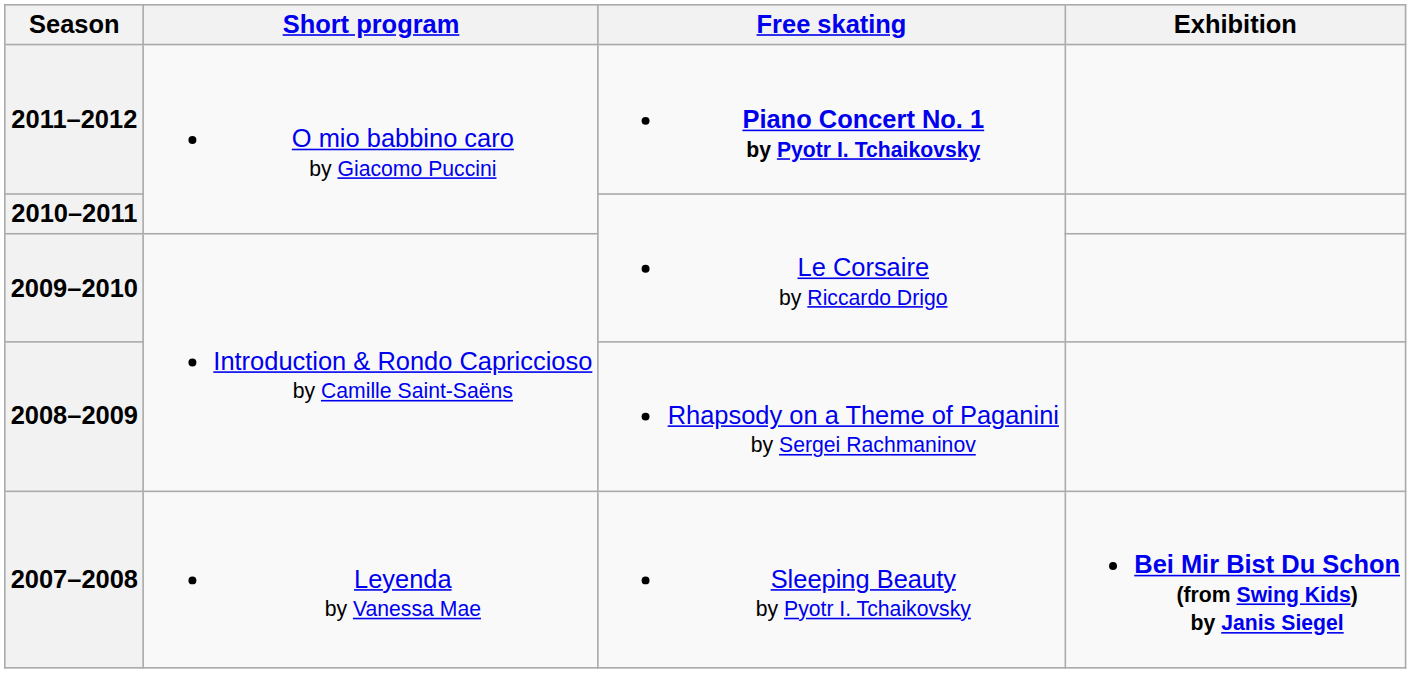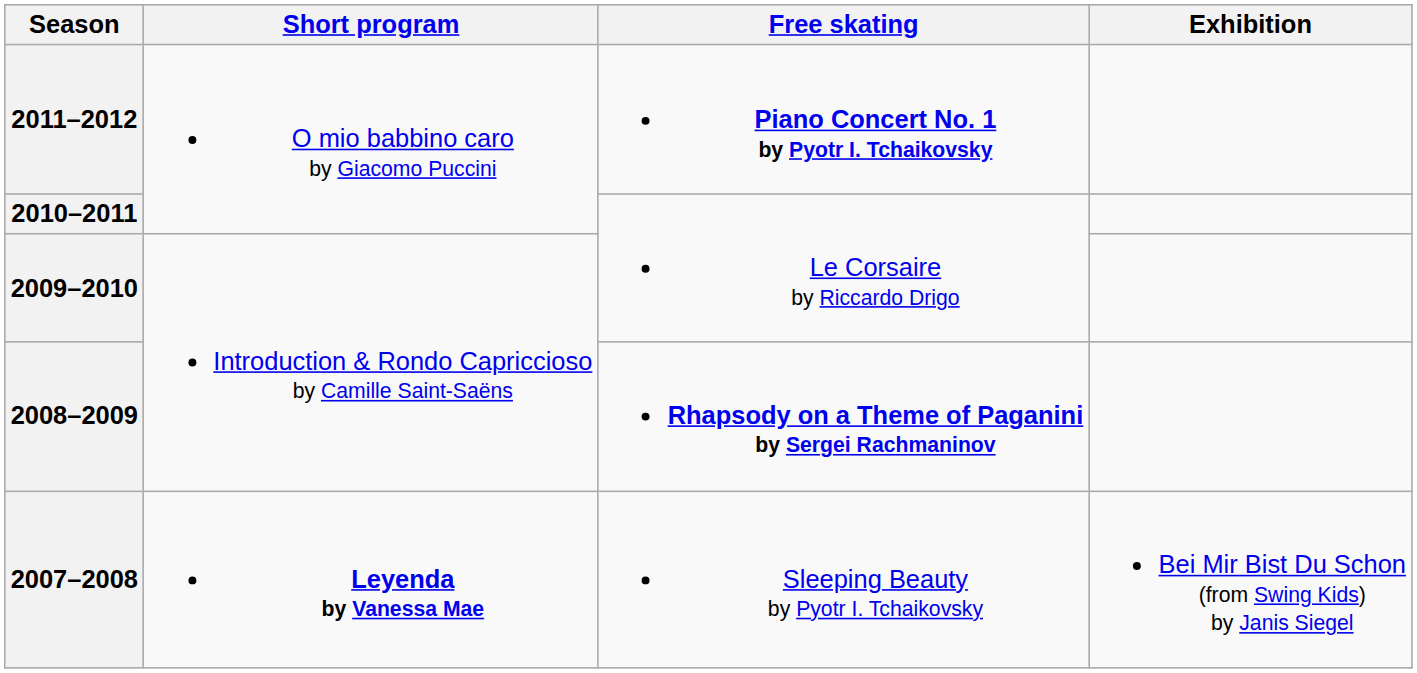 <table class=wikitable style=text-align:center>
 <tr>
 <th>Season</th>
 <th><a href='#'>Short program</a></th>
 <th><a href='#'>Free skating</a></th>
 <th>Exhibition</th>
 </tr>
 <tr>
 <th>2011–2012 <br> </th>
 <td rowspan=2><br><ul><li><a href='#'>O mio babbino caro</a> <br><small> by <a href='#'>Giacomo Puccini</a> </small></li></ul></td>
 <td><strong><br><ul><li><a href='#'>Piano Concert No. 1</a> <br><small> by <a href='#'>Pyotr I. Tchaikovsky</a> </small></li></ul></strong></td>
 <td></td>
 </tr>
 <tr>
 <th>2010–2011 <br> </th>
 <td rowspan=2><br><ul><li><a href='#'>Le Corsaire</a> <br><small> by <a href='#'>Riccardo Drigo</a> </small></li></ul></td>
 <td></td>
 </tr>
 <tr>
 <th>2009–2010 <br> </th>
 <td rowspan=2><br><ul><li><a href='#'>Introduction & Rondo Capriccioso</a> <br><small> by <a href='#'>Camille Saint-Saëns</a> </small></li></ul></td>
 <td></td>
 </tr>
 <tr>
 <th>2008–2009</th>
-<td><br><ul><li><a href='#'>Rhapsody on a Theme of Paganini</a> <br><small> by <a href='#'>Sergei Rachmaninov</a> </small></li></ul></td>
+<td><strong><br><ul><li><a href='#'>Rhapsody on a Theme of Paganini</a> <br><small> by <a href='#'>Sergei Rachmaninov</a> </small></li></ul></strong></td>
 <td></td>
 </tr>
 <tr>
 <th>2007–2008</th>
-<td><br><ul><li><a href='#'>Leyenda</a> <br> <small> by <a href='#'>Vanessa Mae</a></small></li></ul></td>
+<td><strong><br><ul><li><a href='#'>Leyenda</a> <br> <small> by <a href='#'>Vanessa Mae</a></small></li></ul></strong></td>
 <td><br><ul><li><a href='#'>Sleeping Beauty</a> <br><small> by <a href='#'>Pyotr I. Tchaikovsky</a> </small></li></ul></td>
-<td><strong><br><ul><li><a href='#'>Bei Mir Bist Du Schon</a> <br><small> (from <a href='#'>Swing Kids</a>) <br> by <a href='#'>Janis Siegel</a> </small></li></ul></strong></td>
+<td><br><ul><li><a href='#'>Bei Mir Bist Du Schon</a> <br><small> (from <a href='#'>Swing Kids</a>) <br> by <a href='#'>Janis Siegel</a> </small></li></ul></td>
 </tr>
 </table>
